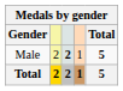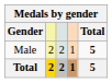 <table class=wikitable style=font-size:85%;text-align:center>
 <tr>
 <th colspan=5>Medals by gender</th>
 </tr>
 <tr>
 <th>Gender</th>
 <td bgcolor=F7F6A8></td>
 <td bgcolor=DCE5E5></td>
 <td bgcolor=FFDAB9></td>
 <th>Total</th>
 </tr>
 <tr>
 <td>Male</td>
 <td bgcolor=F7F6A8>2</td>
-<td bgcolor=DCE5E5><strong>2</strong></td>
+<td bgcolor=DCE5E5>2</td>
 <td bgcolor=FFDAB9>1</td>
 <td><strong>5</strong></td>
 </tr>
 <tr>
 <th>Total</th>
 <th style=background:gold>2</th>
 <th style=background:silver>2</th>
 <th style=background:#c96>1</th>
 <th>5</th>
 </tr>
 </table>
